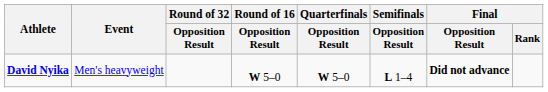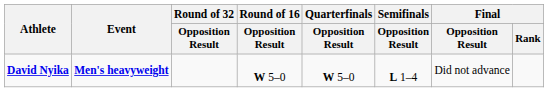 <table class=wikitable style=font-size:90%>
 <tr>
 <th rowspan=2>Athlete</th>
 <th rowspan=2>Event</th>
 <th>Round of 32</th>
 <th>Round of 16</th>
 <th>Quarterfinals</th>
 <th>Semifinals</th>
 <th colspan=2>Final</th>
 </tr>
 <tr style=font-size:95%>
 <th>Opposition<br>Result</th>
 <th>Opposition<br>Result</th>
 <th>Opposition<br>Result</th>
 <th>Opposition<br>Result</th>
 <th>Opposition<br>Result</th>
 <th>Rank</th>
 </tr>
 <tr align=center>
 <td align=left><strong><a href='#'>David Nyika</a></strong></td>
-<td align=left><a href='#'>Men's heavyweight</a></td>
+<td align=left><strong><a href='#'>Men's heavyweight</a></strong></td>
 <td></td>
 <td><br><strong>W</strong> 5–0</td>
 <td><br><strong>W</strong> 5–0</td>
 <td><br><strong>L</strong> 1–4</td>
-<td><strong>Did not advance</strong></td>
+<td>Did not advance</td>
 <td></td>
 </tr>
 </table>
